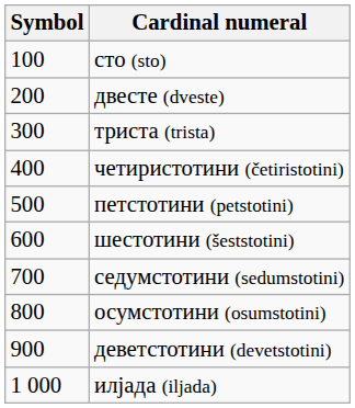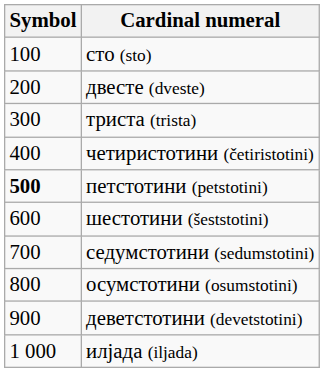 <table class="wikitable" align="center">
 <tr>
 <th>Symbol</th>
 <th>Cardinal numeral</th>
 </tr>
 <tr>
 <td>100</td>
 <td>сто <small>(sto)</small></td>
 </tr>
 <tr>
 <td>200</td>
 <td>двесте <small>(dveste)</small></td>
 </tr>
 <tr>
 <td>300</td>
 <td>триста <small>(trista)</small></td>
 </tr>
 <tr>
 <td>400</td>
 <td>четиристотини <small>(četiristotini)</small></td>
 </tr>
 <tr>
-<td>500</td>
+<td><strong>500</strong></td>
 <td>петстотини <small>(petstotini)</small></td>
 </tr>
 <tr>
 <td>600</td>
 <td>шестотини <small>(šeststotini)</small></td>
 </tr>
 <tr>
 <td>700</td>
 <td>седумстотини <small>(sedumstotini)</small></td>
 </tr>
 <tr>
 <td>800</td>
 <td>осумстотини <small>(osumstotini)</small></td>
 </tr>
 <tr>
 <td>900</td>
 <td>деветстотини <small>(devetstotini)</small></td>
 </tr>
 <tr>
 <td>1 000</td>
 <td>илјада <small>(iljada)</small></td>
 </tr>
 </table>
